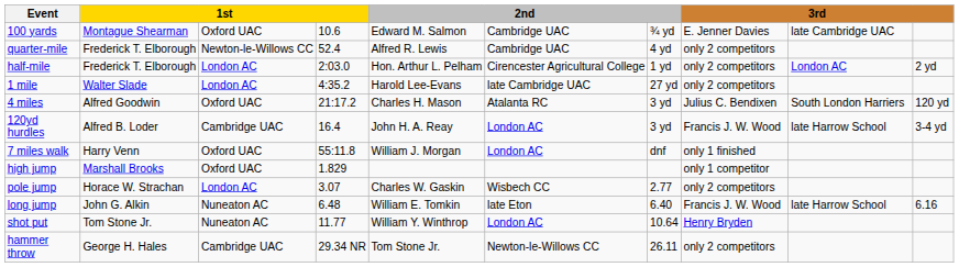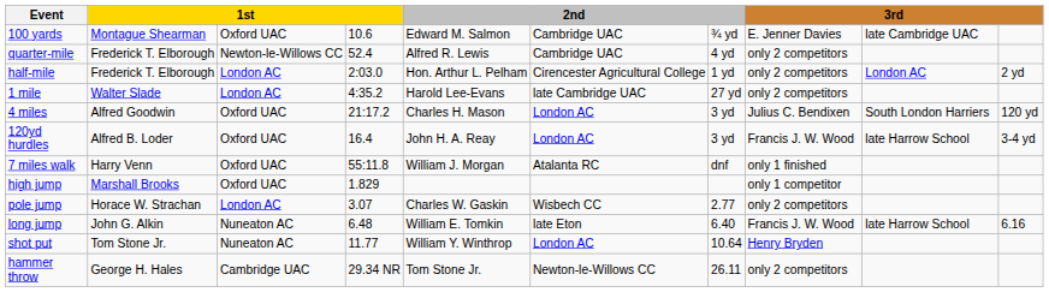 <table class="wikitable" style="text-align:left">
 <tr>
 <th width=100>Event</th>
 <th colspan="3" width="380" style="background:gold;">1st</th>
 <th colspan="3" width="380" style="background:silver;">2nd</th>
 <th colspan="3" width="380" style="background:#CD7F32;">3rd</th>
 </tr>
 <tr>
 <td><a href='#'>100 yards</a></td>
 <td><a href='#'>Montague Shearman</a></td>
 <td>Oxford UAC</td>
 <td>10.6</td>
 <td>Edward M. Salmon</td>
 <td>Cambridge UAC</td>
 <td>¾ yd</td>
 <td>E. Jenner Davies</td>
 <td>late Cambridge UAC</td>
 <td></td>
 </tr>
 <tr>
 <td><a href='#'>quarter-mile</a></td>
 <td>Frederick T. Elborough</td>
 <td>Newton-le-Willows CC</td>
 <td>52.4</td>
 <td>Alfred R. Lewis</td>
 <td>Cambridge UAC</td>
 <td>4 yd</td>
 <td>only 2 competitors</td>
 <td></td>
 <td></td>
 </tr>
 <tr>
 <td><a href='#'>half-mile</a></td>
 <td>Frederick T. Elborough</td>
 <td><a href='#'>London AC</a></td>
 <td>2:03.0</td>
 <td>Hon. Arthur L. Pelham</td>
 <td>Cirencester Agricultural College</td>
 <td>1 yd</td>
 <td>only 2 competitors</td>
 <td><a href='#'>London AC</a></td>
 <td>2 yd</td>
 </tr>
 <tr>
 <td><a href='#'>1 mile</a></td>
 <td><a href='#'>Walter Slade</a></td>
 <td><a href='#'>London AC</a></td>
 <td>4:35.2</td>
 <td>Harold Lee-Evans</td>
 <td>late Cambridge UAC</td>
 <td>27 yd</td>
 <td>only 2 competitors</td>
 <td></td>
 <td></td>
 </tr>
 <tr>
 <td><a href='#'>4 miles</a></td>
 <td>Alfred Goodwin</td>
 <td>Oxford UAC</td>
 <td>21:17.2</td>
 <td>Charles H. Mason</td>
-<td>Atalanta RC</td>
+<td><a href='#'>London AC</a></td>
 <td>3 yd</td>
 <td>Julius C. Bendixen</td>
 <td>South London Harriers</td>
 <td>120 yd</td>
 </tr>
 <tr>
 <td><a href='#'>120yd hurdles</a></td>
 <td>Alfred B. Loder</td>
-<td>Cambridge UAC</td>
+<td>Oxford UAC</td>
 <td>16.4</td>
 <td>John H. A. Reay</td>
 <td><a href='#'>London AC</a></td>
 <td>3 yd</td>
 <td>Francis J. W. Wood</td>
 <td>late Harrow School</td>
 <td>3-4 yd</td>
 </tr>
 <tr>
 <td><a href='#'>7 miles walk</a></td>
 <td>Harry Venn</td>
 <td>Oxford UAC</td>
 <td>55:11.8</td>
 <td>William J. Morgan</td>
-<td><a href='#'>London AC</a></td>
+<td>Atalanta RC</td>
 <td>dnf</td>
 <td>only 1 finished</td>
 <td></td>
 <td></td>
 </tr>
 <tr>
 <td><a href='#'>high jump</a></td>
 <td><a href='#'>Marshall Brooks</a></td>
 <td>Oxford UAC</td>
 <td>1.829</td>
 <td></td>
 <td></td>
 <td></td>
 <td>only 1 competitor</td>
 <td></td>
 <td></td>
 </tr>
 <tr>
 <td><a href='#'>pole jump</a></td>
 <td>Horace W. Strachan</td>
 <td><a href='#'>London AC</a></td>
 <td>3.07</td>
 <td>Charles W. Gaskin</td>
 <td>Wisbech CC</td>
 <td>2.77</td>
 <td>only 2 competitors</td>
 <td></td>
 <td></td>
 </tr>
 <tr>
 <td><a href='#'>long jump</a></td>
 <td>John G. Alkin</td>
 <td>Nuneaton AC</td>
 <td>6.48</td>
 <td>William E. Tomkin</td>
 <td>late Eton</td>
 <td>6.40</td>
 <td>Francis J. W. Wood</td>
 <td>late Harrow School</td>
 <td>6.16</td>
 </tr>
 <tr>
 <td><a href='#'>shot put</a></td>
 <td>Tom Stone Jr.</td>
 <td>Nuneaton AC</td>
 <td>11.77</td>
 <td>William Y. Winthrop</td>
 <td><a href='#'>London AC</a></td>
 <td>10.64</td>
 <td><a href='#'>Henry Bryden</a></td>
 <td></td>
 <td></td>
 </tr>
 <tr>
 <td><a href='#'>hammer throw</a></td>
 <td>George H. Hales</td>
 <td>Cambridge UAC</td>
 <td>29.34 NR</td>
 <td>Tom Stone Jr.</td>
 <td>Newton-le-Willows CC</td>
 <td>26.11</td>
 <td>only 2 competitors</td>
 <td></td>
 <td></td>
 </tr>
 </table>
